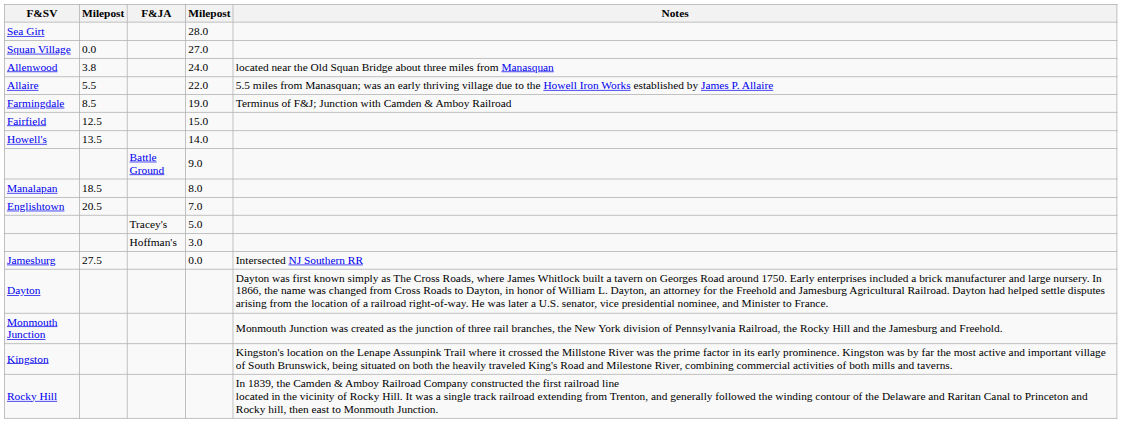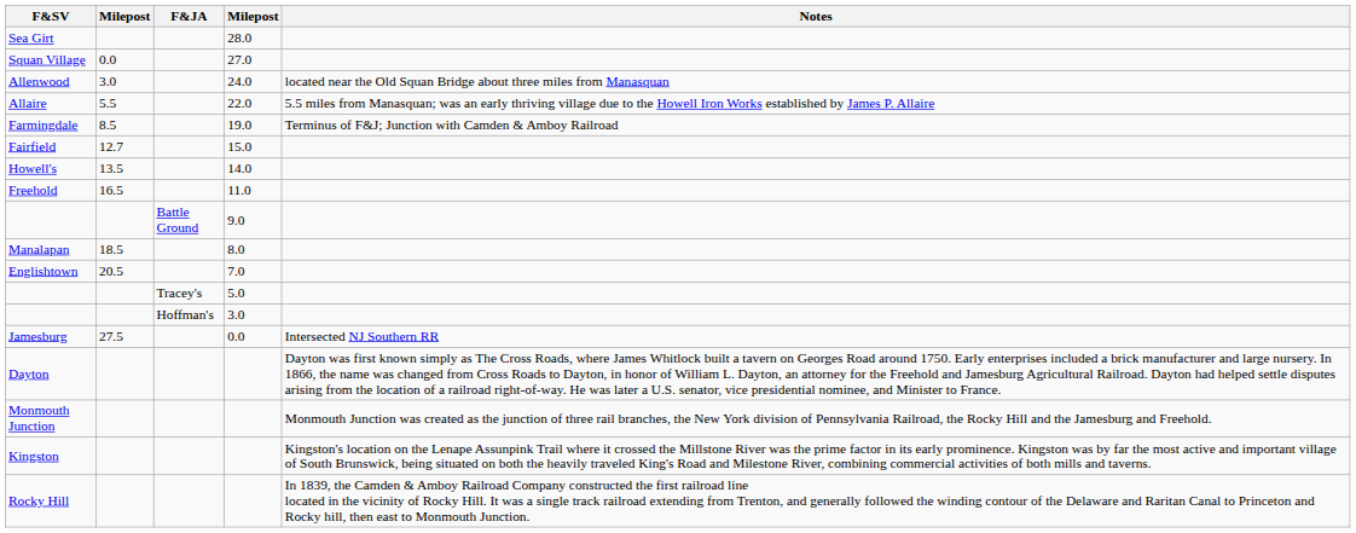 <table class="wikitable">
 <tr>
 <th>F&SV</th>
 <th>Milepost</th>
 <th>F&JA</th>
 <th>Milepost</th>
 <th>Notes</th>
 </tr>
 <tr>
 <td><a href='#'>Sea Girt</a></td>
 <td></td>
 <td></td>
 <td>28.0</td>
 <td></td>
 </tr>
 <tr>
 <td><a href='#'>Squan Village</a></td>
 <td>0.0</td>
 <td></td>
 <td>27.0</td>
 <td></td>
 </tr>
 <tr>
 <td><a href='#'>Allenwood</a></td>
-<td>3.8</td>
+<td>3.0</td>
 <td></td>
 <td>24.0</td>
 <td>located near the Old Squan Bridge about three miles from <a href='#'>Manasquan</a></td>
 </tr>
 <tr>
 <td><a href='#'>Allaire</a></td>
 <td>5.5</td>
 <td></td>
 <td>22.0</td>
 <td>5.5 miles from Manasquan; was an early thriving village due to the <a href='#'>Howell Iron Works</a> established by <a href='#'>James P. Allaire</a></td>
 </tr>
 <tr>
 <td><a href='#'>Farmingdale</a></td>
 <td>8.5</td>
 <td></td>
 <td>19.0</td>
 <td>Terminus of F&J; Junction with Camden & Amboy Railroad</td>
 </tr>
 <tr>
 <td><a href='#'>Fairfield</a></td>
-<td>12.5</td>
+<td>12.7</td>
 <td></td>
 <td>15.0</td>
 <td></td>
 </tr>
 <tr>
 <td><a href='#'>Howell's</a></td>
 <td>13.5</td>
 <td></td>
 <td>14.0</td>
+<td></td>
+</tr>
+<tr>
+<td><a href='#'>Freehold</a></td>
+<td>16.5</td>
+<td></td>
+<td>11.0</td>
 <td></td>
 </tr>
 <tr>
 <td></td>
 <td></td>
 <td><a href='#'>Battle Ground</a></td>
 <td>9.0</td>
 <td></td>
 </tr>
 <tr>
 <td><a href='#'>Manalapan</a></td>
 <td>18.5</td>
 <td></td>
 <td>8.0</td>
 <td></td>
 </tr>
 <tr>
 <td><a href='#'>Englishtown</a></td>
 <td>20.5</td>
 <td></td>
 <td>7.0</td>
 <td></td>
 </tr>
 <tr>
 <td></td>
 <td></td>
 <td>Tracey's</td>
 <td>5.0</td>
 <td></td>
 </tr>
 <tr>
 <td></td>
 <td></td>
 <td>Hoffman's</td>
 <td>3.0</td>
 <td></td>
 </tr>
 <tr>
 <td><a href='#'>Jamesburg</a></td>
 <td>27.5</td>
 <td></td>
 <td>0.0</td>
 <td>Intersected <a href='#'>NJ Southern RR</a></td>
 </tr>
 <tr>
 <td><a href='#'>Dayton</a></td>
 <td></td>
 <td></td>
 <td></td>
 <td>Dayton was first known simply as The Cross Roads, where James Whitlock built a tavern on Georges Road around 1750. Early enterprises included a brick manufacturer and large nursery. In 1866, the name was changed from Cross Roads to Dayton, in honor of William L. Dayton, an attorney for the Freehold and Jamesburg Agricultural Railroad. Dayton had helped settle disputes arising from the location of a railroad right-of-way. He was later a U.S. senator, vice presidential nominee, and Minister to France.</td>
 </tr>
 <tr>
 <td><a href='#'>Monmouth Junction</a></td>
 <td></td>
 <td></td>
 <td></td>
 <td>Monmouth Junction was created as the junction of three rail branches, the New York division of Pennsylvania Railroad, the Rocky Hill and the Jamesburg and Freehold.</td>
 </tr>
 <tr>
 <td><a href='#'>Kingston</a></td>
 <td></td>
 <td></td>
 <td></td>
 <td>Kingston's location on the Lenape Assunpink Trail where it crossed the Millstone River was the prime factor in its early prominence. Kingston was by far the most active and important village of South Brunswick, being situated on both the heavily traveled King's Road and Milestone River, combining commercial activities of both mills and taverns.</td>
 </tr>
 <tr>
 <td><a href='#'>Rocky Hill</a></td>
 <td></td>
 <td></td>
 <td></td>
 <td>In 1839, the Camden & Amboy Railroad Company constructed the first railroad line<br>located in the vicinity of Rocky Hill. It was a single track railroad extending from Trenton, and generally followed the winding contour of the Delaware and Raritan Canal to Princeton and Rocky hill, then east to Monmouth Junction.</td>
 </tr>
 </table>
